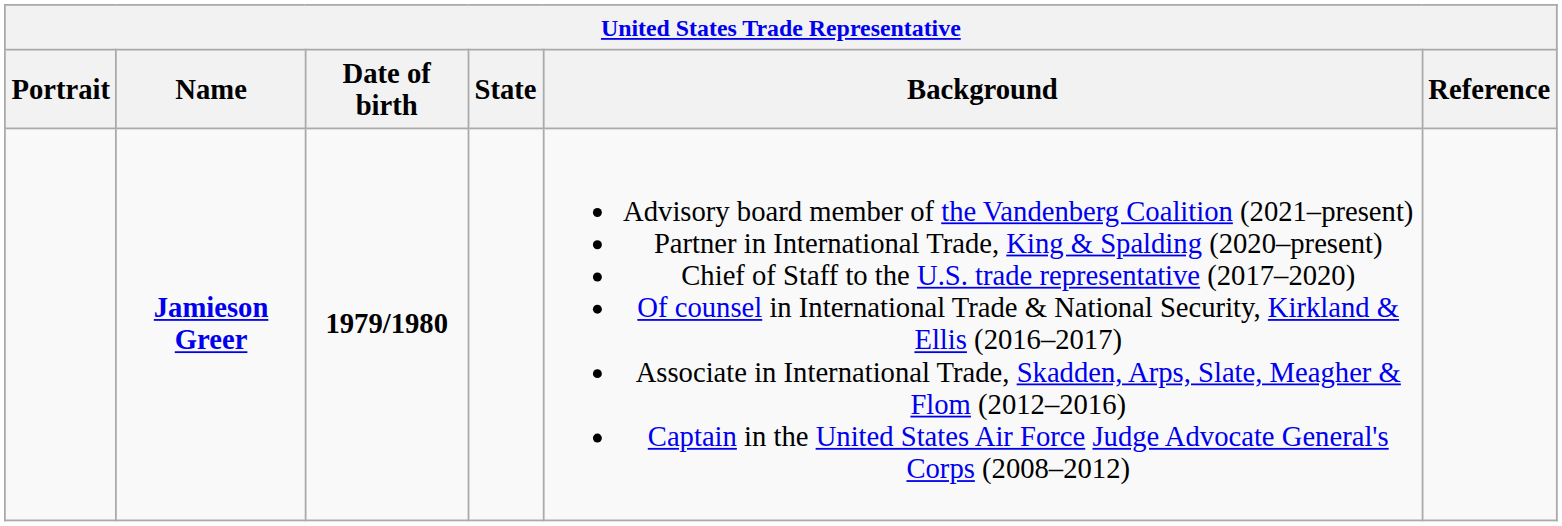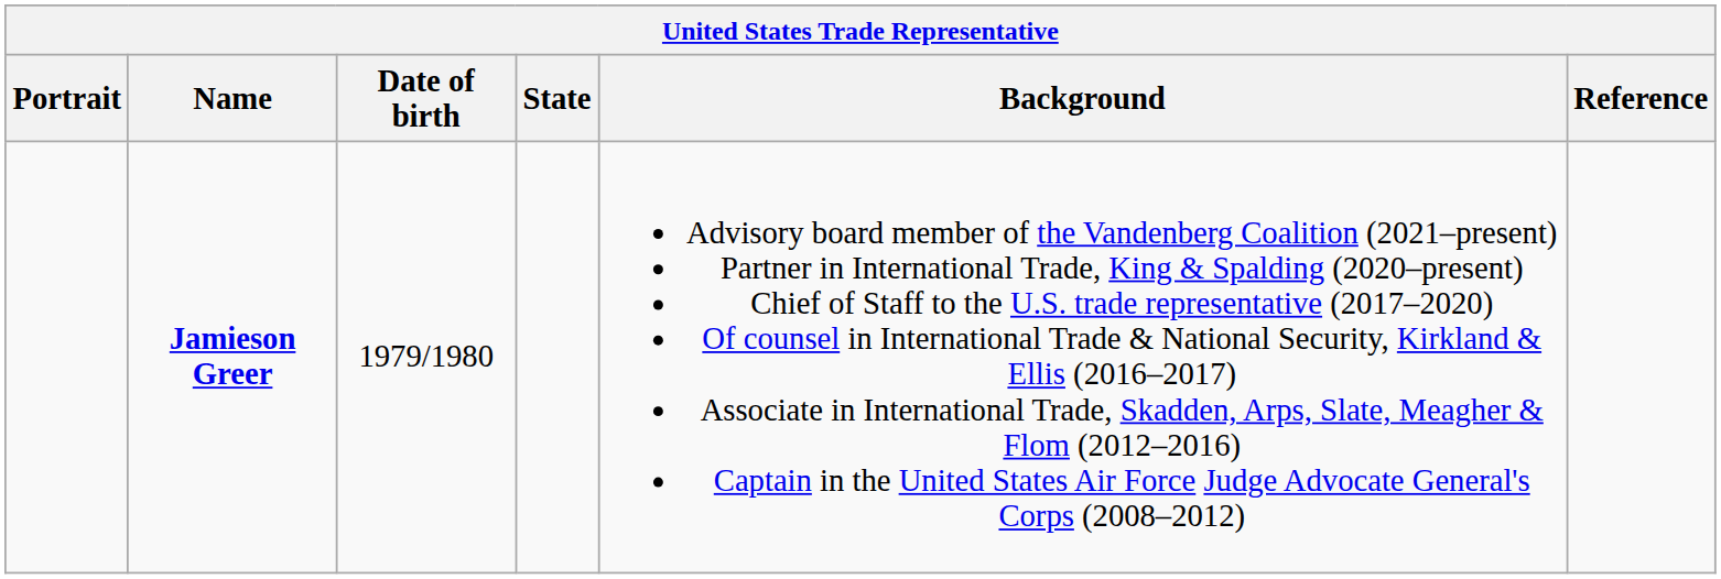 <table class="wikitable collapsible" style="text-align:center;">
 <tr>
 <th colspan="6"><strong><a href='#'><small>United States Trade Representative</small></a></strong></th>
 </tr>
 <tr>
 <th>Portrait</th>
 <th>Name</th>
 <th>Date of birth</th>
 <th>State</th>
 <th>Background</th>
 <th>Reference</th>
 </tr>
 <tr>
 <td></td>
 <td><strong><a href='#'>Jamieson Greer</a></strong></td>
-<td><strong>1979/1980</strong></td>
+<td>1979/1980</td>
 <td></td>
 <td><br><ul><li>Advisory board member of <a href='#'>the Vandenberg Coalition</a> (2021–present)</li><li>Partner in International Trade, <a href='#'>King & Spalding</a> (2020–present)</li><li>Chief of Staff to the <a href='#'>U.S. trade representative</a> (2017–2020)</li><li><a href='#'>Of counsel</a> in International Trade & National Security, <a href='#'>Kirkland & Ellis</a>  (2016–2017)</li><li>Associate in International Trade, <a href='#'>Skadden, Arps, Slate, Meagher & Flom</a>  (2012–2016)</li><li><a href='#'>Captain</a> in the <a href='#'>United States Air Force</a> <a href='#'>Judge Advocate General's Corps</a> (2008–2012)</li></ul></td>
 <td></td>
 </tr>
 </table>
